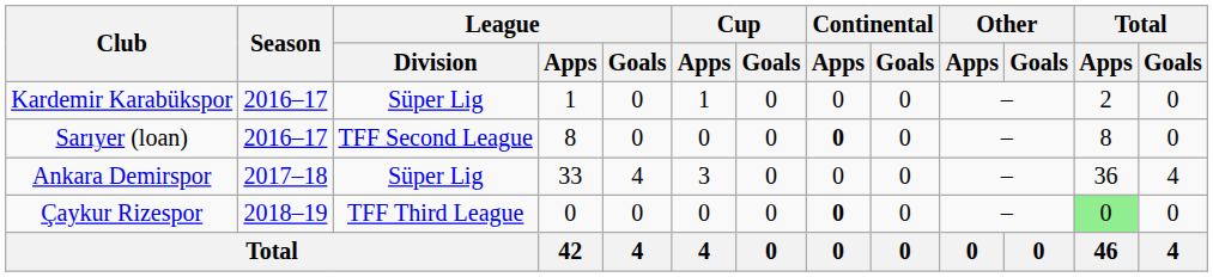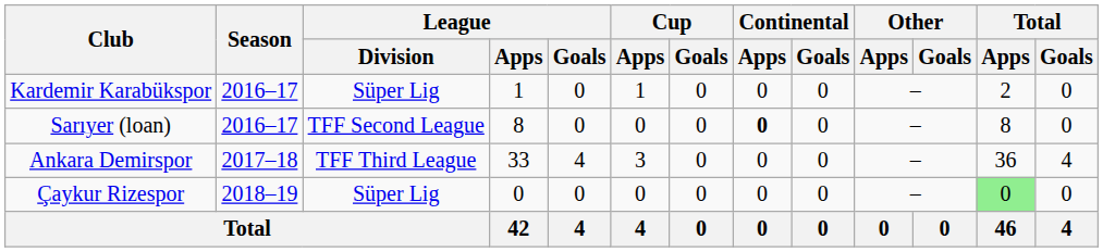 <table class="wikitable" style="text-align: center">
 <tr>
 <th rowspan="2">Club</th>
 <th rowspan="2">Season</th>
 <th colspan="3">League</th>
 <th colspan="2">Cup</th>
 <th colspan="2">Continental</th>
 <th colspan="2">Other</th>
 <th colspan="2">Total</th>
 </tr>
 <tr>
 <th>Division</th>
 <th>Apps</th>
 <th>Goals</th>
 <th>Apps</th>
 <th>Goals</th>
 <th>Apps</th>
 <th>Goals</th>
 <th>Apps</th>
 <th>Goals</th>
 <th>Apps</th>
 <th>Goals</th>
 </tr>
 <tr>
 <td><a href='#'>Kardemir Karabükspor</a></td>
 <td><a href='#'>2016–17</a></td>
 <td><a href='#'>Süper Lig</a></td>
 <td>1</td>
 <td>0</td>
 <td>1</td>
 <td>0</td>
 <td>0</td>
 <td>0</td>
 <td colspan="2">–</td>
 <td>2</td>
 <td>0</td>
 </tr>
 <tr>
 <td><a href='#'>Sarıyer</a> (loan)</td>
 <td><a href='#'>2016–17</a></td>
 <td><a href='#'>TFF Second League</a></td>
 <td>8</td>
 <td>0</td>
 <td>0</td>
 <td>0</td>
 <td><strong>0</strong></td>
 <td>0</td>
 <td colspan="2">–</td>
 <td>8</td>
 <td>0</td>
 </tr>
 <tr>
 <td><a href='#'>Ankara Demirspor</a></td>
 <td><a href='#'>2017–18</a></td>
-<td><a href='#'>Süper Lig</a></td>
+<td><a href='#'>TFF Third League</a></td>
 <td>33</td>
 <td>4</td>
 <td>3</td>
 <td>0</td>
 <td>0</td>
 <td>0</td>
 <td colspan="2">–</td>
 <td>36</td>
 <td>4</td>
 </tr>
 <tr>
 <td><a href='#'>Çaykur Rizespor</a></td>
 <td><a href='#'>2018–19</a></td>
-<td><a href='#'>TFF Third League</a></td>
+<td><a href='#'>Süper Lig</a></td>
 <td>0</td>
 <td>0</td>
 <td>0</td>
 <td>0</td>
-<td><strong>0</strong></td>
+<td>0</td>
 <td>0</td>
 <td colspan="2">–</td>
 <td style="background: lightgreen;">0</td>
 <td>0</td>
 </tr>
 <tr>
 <th colspan="3"><strong>Total</strong></th>
 <th>42</th>
 <th>4</th>
 <th>4</th>
 <th>0</th>
 <th>0</th>
 <th>0</th>
 <th>0</th>
 <th>0</th>
 <th>46</th>
 <th>4</th>
 </tr>
 </table>
